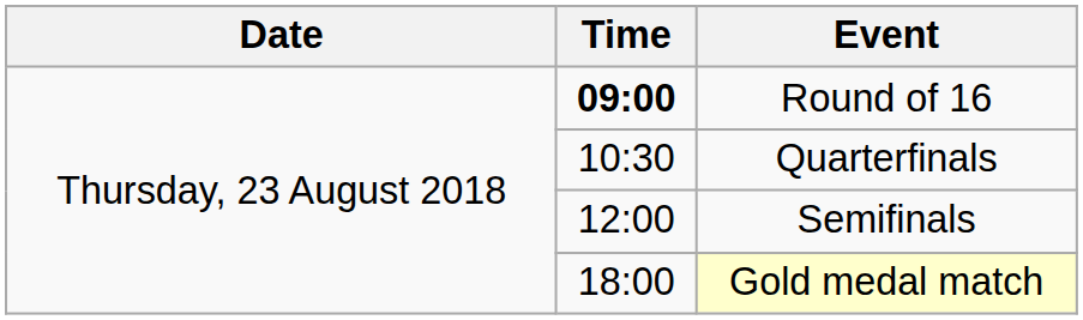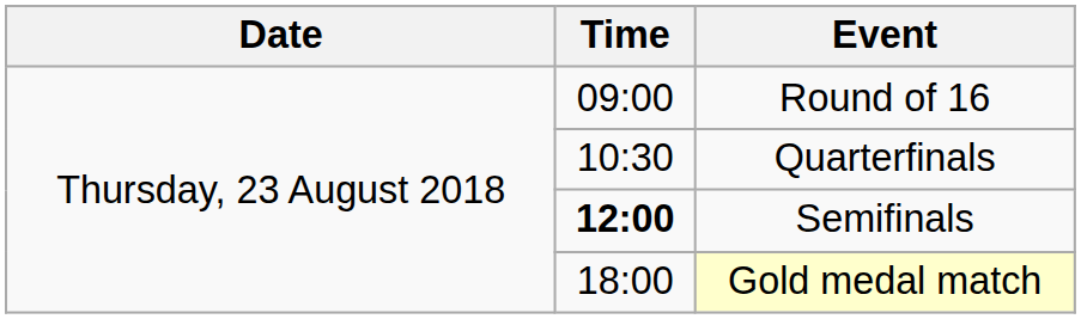 <table class = "wikitable" style="text-align:center;">
 <tr>
 <th width=220>Date</th>
 <th width=50>Time</th>
 <th width=150>Event</th>
 </tr>
 <tr>
 <td rowspan=4>Thursday, 23 August 2018</td>
-<td><strong>09:00</strong></td>
+<td>09:00</td>
 <td>Round of 16</td>
 </tr>
 <tr>
 <td>10:30</td>
 <td>Quarterfinals</td>
 </tr>
 <tr>
-<td>12:00</td>
+<td><strong>12:00</strong></td>
 <td>Semifinals</td>
 </tr>
 <tr>
 <td>18:00</td>
 <td bgcolor=ffffcc>Gold medal match</td>
 </tr>
 </table>
